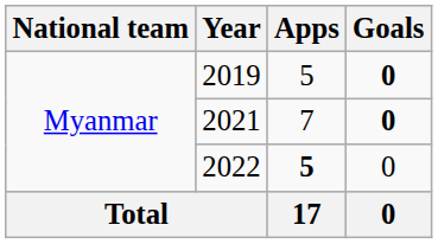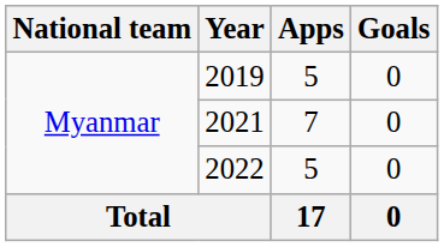 <table class=wikitable style=text-align:center>
 <tr>
 <th>National team</th>
 <th>Year</th>
 <th>Apps</th>
 <th>Goals</th>
 </tr>
 <tr>
 <td rowspan=3><a href='#'>Myanmar</a></td>
 <td>2019</td>
 <td>5</td>
-<td><strong>0</strong></td>
+<td>0</td>
 </tr>
 <tr>
 <td>2021</td>
 <td>7</td>
-<td><strong>0</strong></td>
+<td>0</td>
 </tr>
 <tr>
 <td>2022</td>
-<td><strong>5</strong></td>
+<td>5</td>
 <td>0</td>
 </tr>
 <tr>
 <th colspan=2>Total</th>
 <th>17</th>
 <th>0</th>
 </tr>
 </table>
